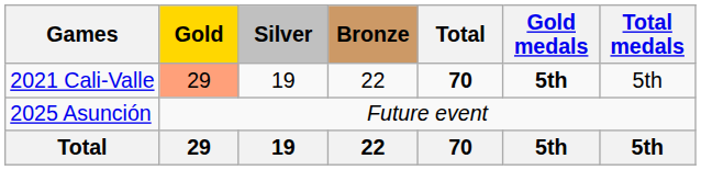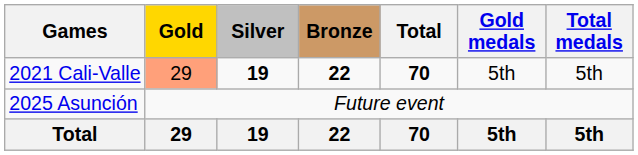 <table class="wikitable" style="text-align:center; font-size:90%;">
 <tr>
 <th>Games</th>
 <td style="background:gold; width:3.2em; font-weight:bold;">Gold</td>
 <td style="background:silver; width:3.7em; font-weight:bold;">Silver</td>
 <td style="background:#c96; width:3.7em; font-weight:bold;">Bronze</td>
 <th style="width:3.5em; font-weight:bold;">Total</th>
 <th style="width:4em; font-weight:bold;"><a href='#'>Gold medals</a></th>
 <th style="width:4em; font-weight:bold;"><a href='#'>Total medals</a></th>
 </tr>
 <tr>
 <td align=left> <a href='#'>2021 Cali-Valle</a></td>
 <td style="background: lightsalmon;">29</td>
-<td>19</td>
-<td>22</td>
+<td><strong>19</strong></td>
+<td><strong>22</strong></td>
 <td><strong>70</strong></td>
-<td><strong>5th</strong></td>
+<td>5th</td>
 <td>5th</td>
 </tr>
 <tr>
 <td align=left> <a href='#'>2025 Asunción</a></td>
 <td colspan="6"><em>Future event</em></td>
 </tr>
 <tr>
 <th>Total</th>
 <th>29</th>
 <th>19</th>
 <th>22</th>
 <th>70</th>
 <th>5th</th>
 <th>5th</th>
 </tr>
 </table>
